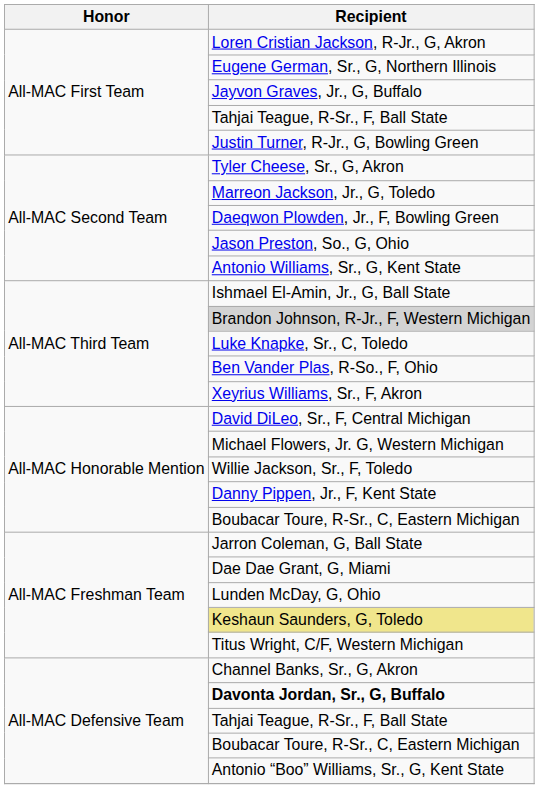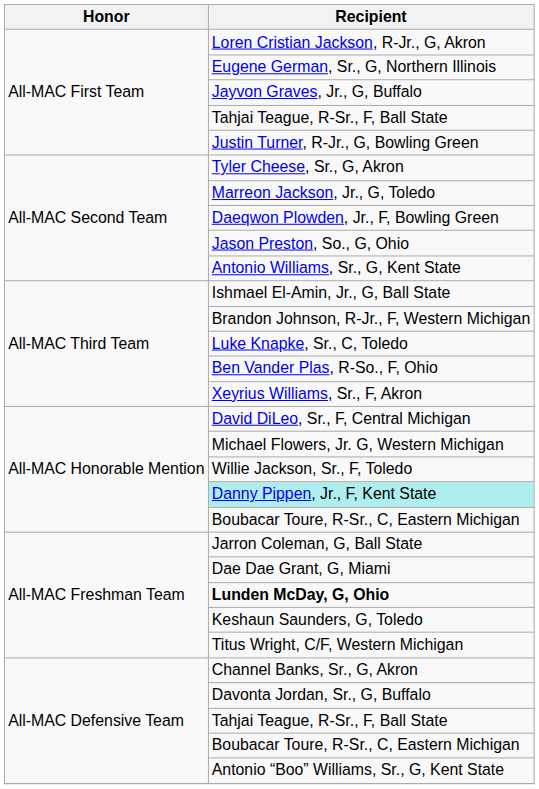 <table class="wikitable" border="1">
 <tr>
 <th>Honor</th>
 <th>Recipient</th>
 </tr>
 <tr>
 <td rowspan=5 valign=middle>All-MAC First Team</td>
 <td><a href='#'>Loren Cristian Jackson</a>, R-Jr., G, Akron</td>
 </tr>
 <tr>
 <td><a href='#'>Eugene German</a>, Sr., G, Northern Illinois</td>
 </tr>
 <tr>
 <td><a href='#'>Jayvon Graves</a>, Jr., G, Buffalo</td>
 </tr>
 <tr>
 <td>Tahjai Teague, R-Sr., F, Ball State</td>
 </tr>
 <tr>
 <td><a href='#'>Justin Turner</a>, R-Jr., G, Bowling Green</td>
 </tr>
 <tr>
 <td rowspan=5 valign=middle>All-MAC Second Team</td>
 <td><a href='#'>Tyler Cheese</a>, Sr., G, Akron</td>
 </tr>
 <tr>
 <td><a href='#'>Marreon Jackson</a>, Jr., G, Toledo</td>
 </tr>
 <tr>
 <td><a href='#'>Daeqwon Plowden</a>, Jr., F, Bowling Green</td>
 </tr>
 <tr>
 <td><a href='#'>Jason Preston</a>, So., G, Ohio</td>
 </tr>
 <tr>
 <td><a href='#'>Antonio Williams</a>, Sr., G, Kent State</td>
 </tr>
 <tr>
 <td rowspan=5 valign=middle>All-MAC Third Team</td>
 <td>Ishmael El-Amin, Jr., G, Ball State</td>
 </tr>
 <tr>
-<td style="background: lightgrey;">Brandon Johnson, R-Jr., F, Western Michigan</td>
+<td>Brandon Johnson, R-Jr., F, Western Michigan</td>
 </tr>
 <tr>
 <td><a href='#'>Luke Knapke</a>, Sr., C, Toledo</td>
 </tr>
 <tr>
 <td><a href='#'>Ben Vander Plas</a>, R-So., F, Ohio</td>
 </tr>
 <tr>
 <td><a href='#'>Xeyrius Williams</a>, Sr., F, Akron</td>
 </tr>
 <tr>
 <td rowspan=5 valign=middle>All-MAC Honorable Mention</td>
 <td><a href='#'>David DiLeo</a>, Sr., F, Central Michigan</td>
 </tr>
 <tr>
 <td>Michael Flowers, Jr. G, Western Michigan</td>
 </tr>
 <tr>
 <td>Willie Jackson, Sr., F, Toledo</td>
 </tr>
 <tr>
-<td><a href='#'>Danny Pippen</a>, Jr., F, Kent State</td>
+<td style="background: paleturquoise;"><a href='#'>Danny Pippen</a>, Jr., F, Kent State</td>
 </tr>
 <tr>
 <td>Boubacar Toure, R-Sr., C, Eastern Michigan</td>
 </tr>
 <tr>
 <td rowspan=5 valign=middle>All-MAC Freshman Team</td>
 <td>Jarron Coleman, G, Ball State</td>
 </tr>
 <tr>
 <td>Dae Dae Grant, G, Miami</td>
 </tr>
 <tr>
-<td>Lunden McDay, G, Ohio</td>
+<td><strong>Lunden McDay, G, Ohio</strong></td>
 </tr>
 <tr>
-<td style="background: khaki;">Keshaun Saunders, G, Toledo</td>
+<td>Keshaun Saunders, G, Toledo</td>
 </tr>
 <tr>
 <td>Titus Wright, C/F, Western Michigan</td>
 </tr>
 <tr>
 <td rowspan=5 valign=middle>All-MAC Defensive Team</td>
 <td>Channel Banks, Sr., G, Akron</td>
 </tr>
 <tr>
-<td><strong>Davonta Jordan, Sr., G, Buffalo</strong></td>
+<td>Davonta Jordan, Sr., G, Buffalo</td>
 </tr>
 <tr>
 <td>Tahjai Teague, R-Sr., F, Ball State</td>
 </tr>
 <tr>
 <td>Boubacar Toure, R-Sr., C, Eastern Michigan</td>
 </tr>
 <tr>
 <td>Antonio “Boo” Williams, Sr., G, Kent State</td>
 </tr>
 <tr>
 </tr>
 </table>
